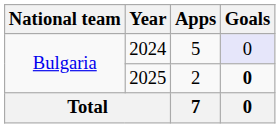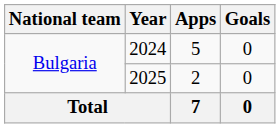 <table class="wikitable" style="text-align:center">
 <tr>
 <th>National team</th>
 <th>Year</th>
 <th>Apps</th>
 <th>Goals</th>
 </tr>
 <tr>
 <td rowspan="2"><a href='#'>Bulgaria</a></td>
 <td>2024</td>
 <td>5</td>
-<td style="background: lavender;">0</td>
+<td>0</td>
 </tr>
 <tr>
 <td>2025</td>
 <td>2</td>
-<td><strong>0</strong></td>
+<td>0</td>
 </tr>
 <tr>
 <th colspan="2">Total</th>
 <th>7</th>
 <th>0</th>
 </tr>
 </table>
